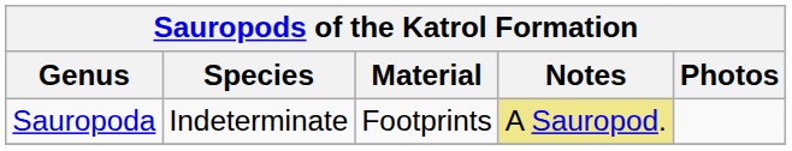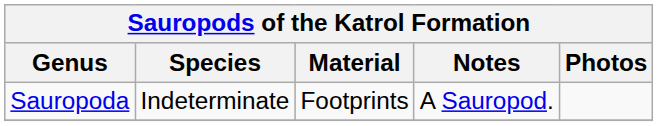 <table class="wikitable" align="center">
 <tr>
 <th colspan="5" align="center"><a href='#'>Sauropods</a> of the Katrol Formation</th>
 </tr>
 <tr>
 <th>Genus</th>
 <th>Species</th>
 <th>Material</th>
 <th>Notes</th>
 <th>Photos</th>
 </tr>
 <tr>
 <td><a href='#'>Sauropoda</a></td>
 <td>Indeterminate</td>
 <td>Footprints</td>
-<td style="background: khaki;">A <a href='#'>Sauropod</a>.</td>
+<td>A <a href='#'>Sauropod</a>.</td>
 <td></td>
 </tr>
 <tr>
 </tr>
 </table>
